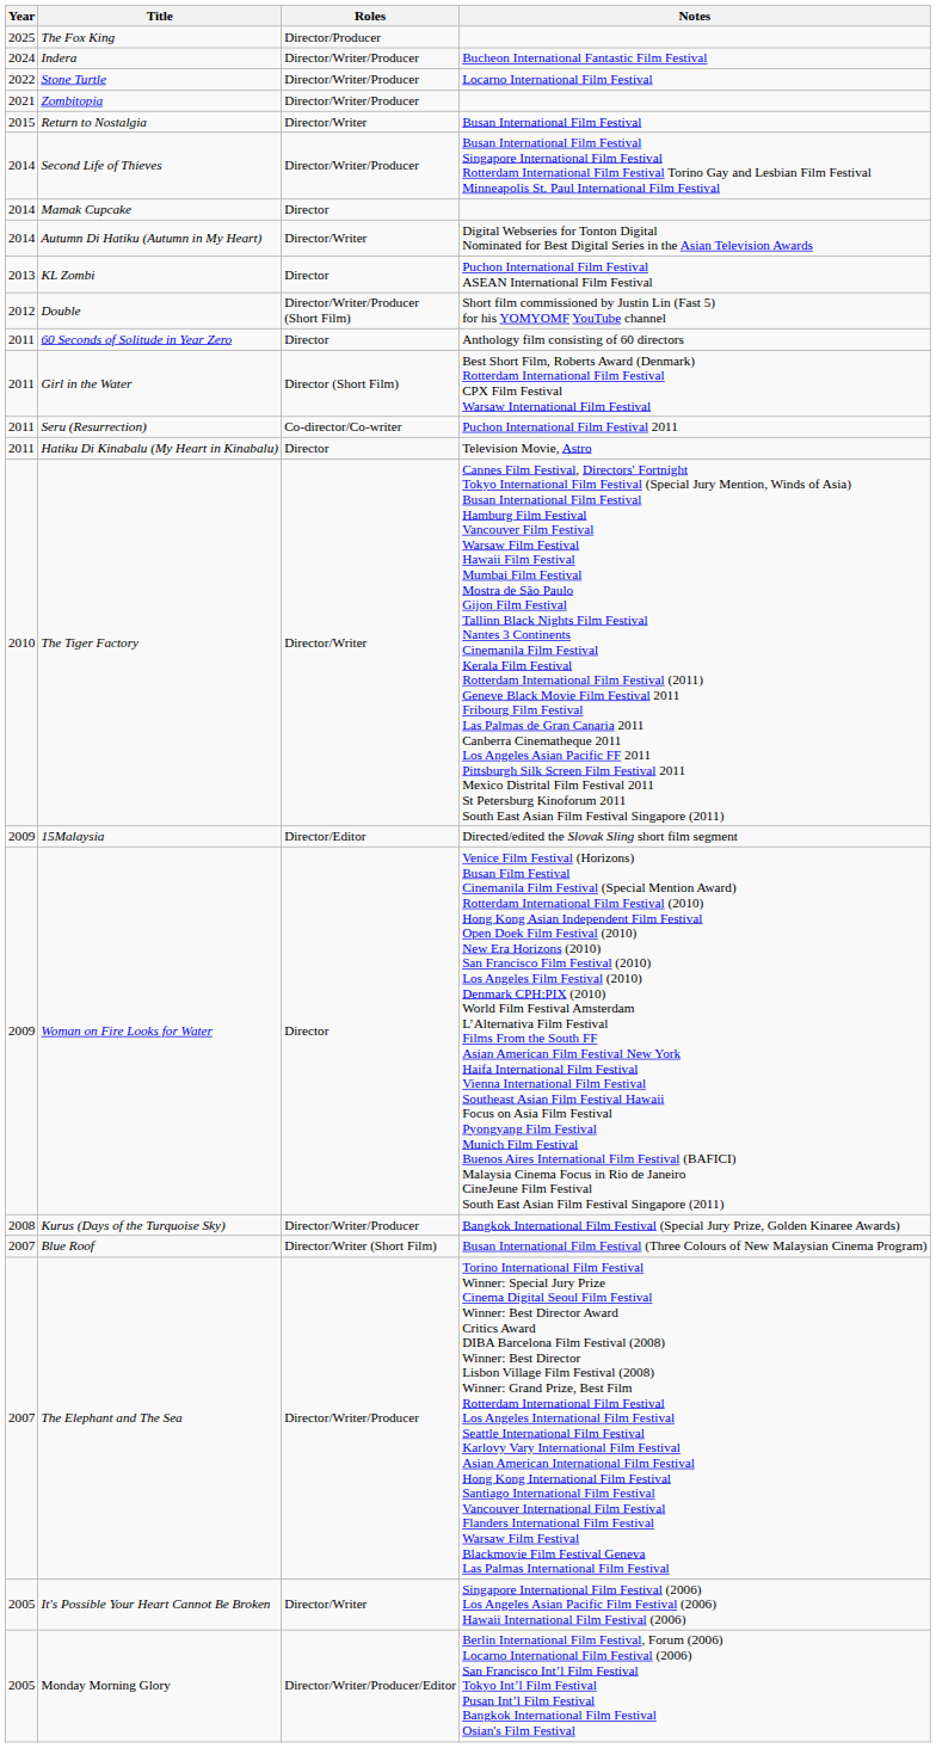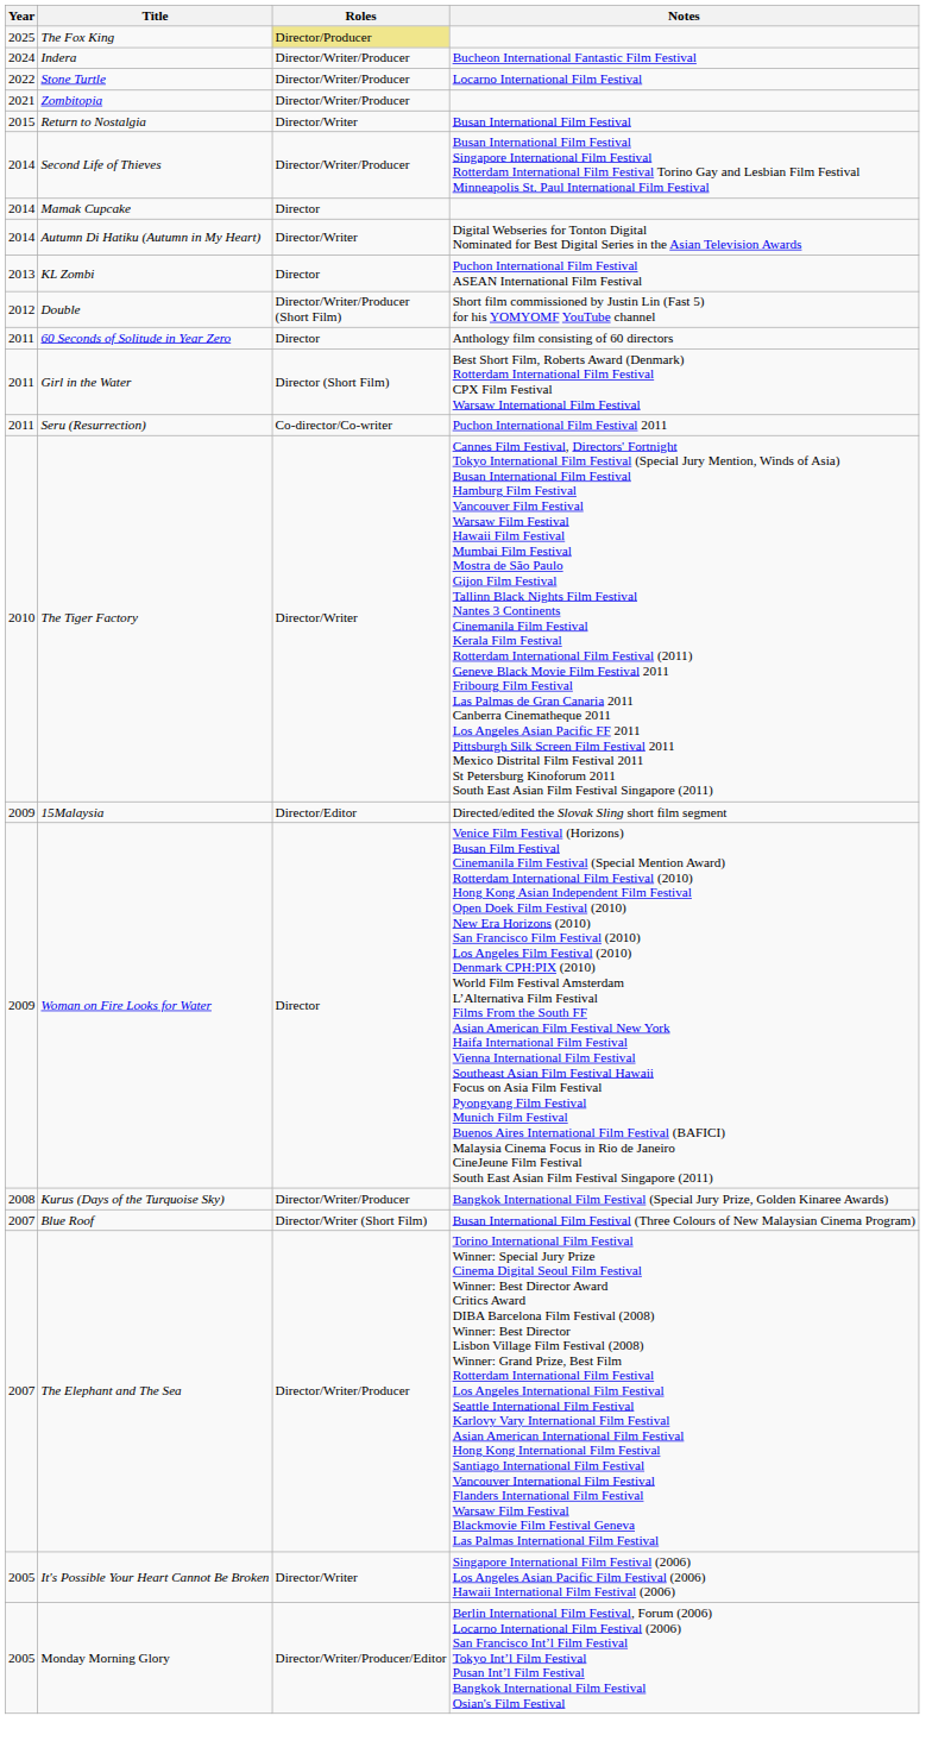 <table class="wikitable">
 <tr>
 <th>Year</th>
 <th>Title</th>
 <th>Roles</th>
 <th>Notes</th>
 </tr>
 <tr>
 <td>2025</td>
 <td><em>The Fox King</em></td>
-<td>Director/Producer</td>
+<td style="background: khaki;">Director/Producer</td>
 <td></td>
 </tr>
 <tr>
 <td>2024</td>
 <td><em>Indera</em></td>
 <td>Director/Writer/Producer</td>
 <td><a href='#'>Bucheon International Fantastic Film Festival</a></td>
 </tr>
 <tr>
 <td>2022</td>
 <td><em><a href='#'>Stone Turtle</a></em></td>
 <td>Director/Writer/Producer</td>
 <td><a href='#'>Locarno International Film Festival</a></td>
 </tr>
 <tr>
 <td>2021</td>
 <td><em><a href='#'>Zombitopia</a></em></td>
 <td>Director/Writer/Producer</td>
 <td></td>
 </tr>
 <tr>
 <td>2015</td>
 <td><em>Return to Nostalgia</em></td>
 <td>Director/Writer</td>
 <td><a href='#'>Busan International Film Festival</a></td>
 </tr>
 <tr>
 <td>2014</td>
 <td><em>Second Life of Thieves</em></td>
 <td>Director/Writer/Producer</td>
 <td><a href='#'>Busan International Film Festival</a><br><a href='#'>Singapore International Film Festival</a><br><a href='#'>Rotterdam International Film Festival</a> Torino Gay and Lesbian Film Festival<br><a href='#'>Minneapolis St. Paul International Film Festival</a></td>
 </tr>
 <tr>
 <td>2014</td>
 <td><em>Mamak Cupcake</em></td>
 <td>Director</td>
 <td></td>
 </tr>
 <tr>
 <td>2014</td>
 <td><em>Autumn Di Hatiku (Autumn in My Heart)</em></td>
 <td>Director/Writer</td>
 <td>Digital Webseries for Tonton Digital<br>Nominated for Best Digital Series in the <a href='#'>Asian Television Awards</a></td>
 </tr>
 <tr>
 <td>2013</td>
 <td><em>KL Zombi</em></td>
 <td>Director</td>
 <td><a href='#'>Puchon International Film Festival</a><br>ASEAN International Film Festival</td>
 </tr>
 <tr>
 <td>2012</td>
 <td><em>Double</em></td>
 <td>Director/Writer/Producer<br>(Short Film)</td>
 <td>Short film commissioned by Justin Lin (Fast 5)<br>for his <a href='#'>YOMYOMF</a> <a href='#'>YouTube</a> channel</td>
 </tr>
 <tr>
 <td>2011</td>
 <td><em><a href='#'>60 Seconds of Solitude in Year Zero</a></em></td>
 <td>Director</td>
 <td>Anthology film consisting of 60 directors</td>
 </tr>
 <tr>
 <td>2011</td>
 <td><em>Girl in the Water</em></td>
 <td>Director (Short Film)</td>
 <td>Best Short Film, Roberts Award (Denmark)<br><a href='#'>Rotterdam International Film Festival</a><br>CPX Film Festival<br><a href='#'>Warsaw International Film Festival</a></td>
 </tr>
 <tr>
 <td>2011</td>
 <td><em>Seru (Resurrection)</em></td>
 <td>Co-director/Co-writer</td>
 <td><a href='#'>Puchon International Film Festival</a> 2011</td>
 </tr>
 <tr>
-<td>2011</td>
-<td><em>Hatiku Di Kinabalu (My Heart in Kinabalu)</em></td>
-<td>Director</td>
-<td>Television Movie, <a href='#'>Astro</a></td>
-</tr>
-<tr>
 <td>2010</td>
 <td><em>The Tiger Factory</em></td>
 <td>Director/Writer</td>
 <td><a href='#'>Cannes Film Festival</a>, <a href='#'>Directors' Fortnight</a><br><a href='#'>Tokyo International Film Festival</a> (Special Jury Mention, Winds of Asia)<br><a href='#'>Busan International Film Festival</a><br><a href='#'>Hamburg Film Festival</a><br><a href='#'>Vancouver Film Festival</a><br><a href='#'>Warsaw Film Festival</a><br><a href='#'>Hawaii Film Festival</a><br><a href='#'>Mumbai Film Festival</a><br><a href='#'>Mostra de São Paulo</a><br><a href='#'>Gijon Film Festival</a><br><a href='#'>Tallinn Black Nights Film Festival</a><br><a href='#'>Nantes 3 Continents</a><br><a href='#'>Cinemanila Film Festival</a><br><a href='#'>Kerala Film Festival</a><br><a href='#'>Rotterdam International Film Festival</a> (2011)<br><a href='#'>Geneve Black Movie Film Festival</a> 2011<br><a href='#'>Fribourg Film Festival</a><br><a href='#'>Las Palmas de Gran Canaria</a> 2011<br>Canberra Cinematheque 2011<br><a href='#'>Los Angeles Asian Pacific FF</a> 2011<br><a href='#'>Pittsburgh Silk Screen Film Festival</a> 2011<br>Mexico Distrital Film Festival 2011<br>St Petersburg Kinoforum 2011<br>South East Asian Film Festival Singapore (2011)</td>
 </tr>
 <tr>
 <td>2009</td>
 <td><em>15Malaysia</em></td>
 <td>Director/Editor</td>
 <td>Directed/edited the <em>Slovak Sling</em> short film segment</td>
 </tr>
 <tr>
 <td>2009</td>
 <td><em><a href='#'>Woman on Fire Looks for Water</a></em></td>
 <td>Director</td>
 <td><a href='#'>Venice Film Festival</a> (Horizons)<br><a href='#'>Busan Film Festival</a><br><a href='#'>Cinemanila Film Festival</a> (Special Mention Award)<br><a href='#'>Rotterdam International Film Festival</a> (2010)<br><a href='#'>Hong Kong Asian Independent Film Festival</a><br><a href='#'>Open Doek Film Festival</a> (2010)<br><a href='#'>New Era Horizons</a> (2010)<br><a href='#'>San Francisco Film Festival</a> (2010)<br><a href='#'>Los Angeles Film Festival</a> (2010)<br><a href='#'>Denmark CPH:PIX</a> (2010)<br>World Film Festival Amsterdam<br>L’Alternativa Film Festival<br><a href='#'>Films From the South FF</a><br><a href='#'>Asian American Film Festival New York</a><br><a href='#'>Haifa International Film Festival</a><br><a href='#'>Vienna International Film Festival</a><br><a href='#'>Southeast Asian Film Festival Hawaii</a><br>Focus on Asia Film Festival<br><a href='#'>Pyongyang Film Festival</a><br><a href='#'>Munich Film Festival</a><br><a href='#'>Buenos Aires International Film Festival</a> (BAFICI)<br>Malaysia Cinema Focus in Rio de Janeiro<br>CineJeune Film Festival<br>South East Asian Film Festival Singapore (2011)</td>
 </tr>
 <tr>
 <td>2008</td>
 <td><em>Kurus (Days of the Turquoise Sky)</em></td>
 <td>Director/Writer/Producer</td>
 <td><a href='#'>Bangkok International Film Festival</a> (Special Jury Prize, Golden Kinaree Awards)</td>
 </tr>
 <tr>
 <td>2007</td>
 <td><em>Blue Roof</em></td>
 <td>Director/Writer (Short Film)</td>
 <td><a href='#'>Busan International Film Festival</a> (Three Colours of New Malaysian Cinema Program)</td>
 </tr>
 <tr>
 <td>2007</td>
 <td><em>The Elephant and The Sea</em></td>
 <td>Director/Writer/Producer</td>
 <td><a href='#'>Torino International Film Festival</a><br>Winner: Special Jury Prize<br><a href='#'>Cinema Digital Seoul Film Festival</a><br>Winner: Best Director Award<br>Critics Award<br>DIBA Barcelona Film Festival (2008)<br>Winner: Best Director<br>Lisbon Village Film Festival (2008)<br>Winner: Grand Prize, Best Film<br><a href='#'>Rotterdam International Film Festival</a><br><a href='#'>Los Angeles International Film Festival</a><br><a href='#'>Seattle International Film Festival</a><br><a href='#'>Karlovy Vary International Film Festival</a><br><a href='#'>Asian American International Film Festival</a><br><a href='#'>Hong Kong International Film Festival</a><br><a href='#'>Santiago International Film Festival</a><br><a href='#'>Vancouver International Film Festival</a><br><a href='#'>Flanders International Film Festival</a><br><a href='#'>Warsaw Film Festival</a><br><a href='#'>Blackmovie Film Festival Geneva</a><br><a href='#'>Las Palmas International Film Festival</a></td>
 </tr>
 <tr>
 <td>2005</td>
 <td><em>It's Possible Your Heart Cannot Be Broken</em></td>
 <td>Director/Writer</td>
 <td><a href='#'>Singapore International Film Festival</a> (2006)<br><a href='#'>Los Angeles Asian Pacific Film Festival</a> (2006)<br><a href='#'>Hawaii International Film Festival</a> (2006)</td>
 </tr>
 <tr>
 <td>2005</td>
 <td>Monday Morning Glory</td>
 <td>Director/Writer/Producer/Editor</td>
 <td><a href='#'>Berlin International Film Festival</a>, Forum (2006)<br><a href='#'>Locarno International Film Festival</a> (2006)<br><a href='#'>San Francisco Int’l Film Festival</a><br><a href='#'>Tokyo Int’l Film Festival</a><br><a href='#'>Pusan Int’l Film Festival</a><br><a href='#'>Bangkok International Film Festival</a><br><a href='#'>Osian's Film Festival</a></td>
 </tr>
 </table>
